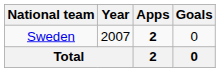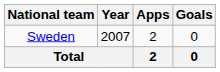 <table class="wikitable" style="text-align:center">
 <tr>
 <th>National team</th>
 <th>Year</th>
 <th>Apps</th>
 <th>Goals</th>
 </tr>
 <tr>
 <td><a href='#'>Sweden</a></td>
 <td>2007</td>
-<td><strong>2</strong></td>
+<td>2</td>
 <td>0</td>
 </tr>
 <tr>
 <th colspan="2">Total</th>
 <th>2</th>
 <th>0</th>
 </tr>
 </table>
